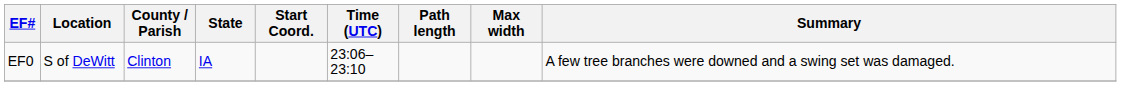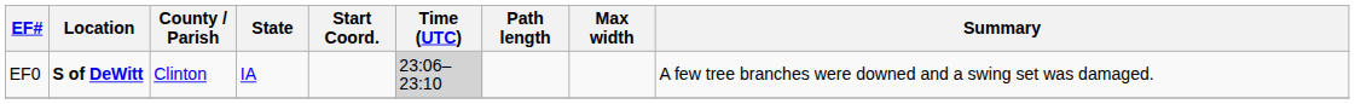 <table class="wikitable sortable" style="width:100%;">
 <tr>
 <th scope="col"  style="width:3%; text-align:center;"><a href='#'>EF#</a></th>
 <th scope="col"  style="width:7%; text-align:center;" class="unsortable">Location</th>
 <th scope="col"  style="width:6%; text-align:center;" class="unsortable">County / Parish</th>
 <th scope="col"  style="width:5%; text-align:center;">State</th>
 <th scope="col"  style="width:6%; text-align:center;">Start Coord.</th>
 <th scope="col"  style="width:6%; text-align:center;">Time (<a href='#'>UTC</a>)</th>
 <th scope="col"  style="width:6%; text-align:center;">Path length</th>
 <th scope="col"  style="width:6%; text-align:center;">Max width</th>
 <th scope="col" class="unsortable" style="width:48%; text-align:center;">Summary</th>
 </tr>
 <tr>
 <td>EF0</td>
-<td>S of <a href='#'>DeWitt</a></td>
+<td><strong>S of <a href='#'>DeWitt</a></strong></td>
 <td><a href='#'>Clinton</a></td>
 <td><a href='#'>IA</a></td>
 <td></td>
-<td>23:06–23:10</td>
+<td style="background: lightgrey;">23:06–23:10</td>
 <td></td>
 <td></td>
 <td>A few tree branches were downed and a swing set was damaged.</td>
 </tr>
 <tr>
 </tr>
 </table>
